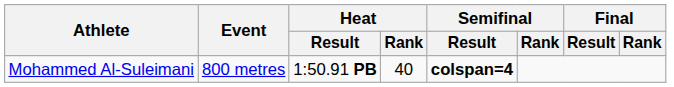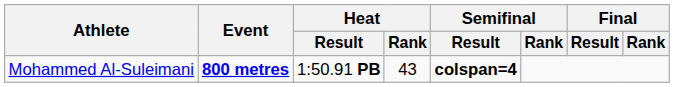 <table class="wikitable" style="font-size:90%">
 <tr>
 <th rowspan="2">Athlete</th>
 <th rowspan="2">Event</th>
 <th colspan="2">Heat</th>
 <th colspan="2">Semifinal</th>
 <th colspan="2">Final</th>
 </tr>
 <tr style="font-size:95%">
 <th>Result</th>
 <th>Rank</th>
 <th>Result</th>
 <th>Rank</th>
 <th>Result</th>
 <th>Rank</th>
 </tr>
 <tr style=text-align:center>
 <td style=text-align:left><a href='#'>Mohammed Al-Suleimani</a></td>
-<td style=text-align:left><a href='#'>800 metres</a></td>
+<td style=text-align:left><strong><a href='#'>800 metres</a></strong></td>
 <td>1:50.91 <strong>PB</strong></td>
-<td>40</td>
+<td>43</td>
 <td><strong>colspan=4 </strong></td>
 </tr>
 </table>
